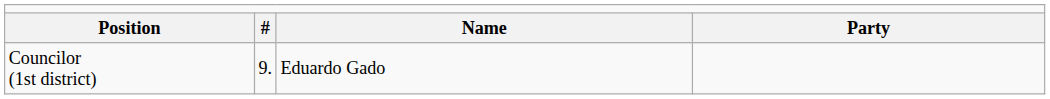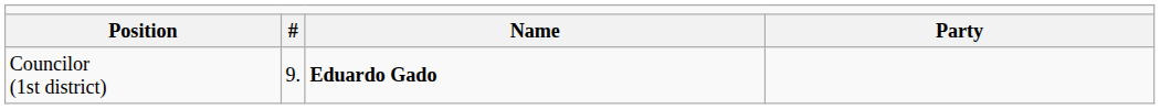 <table class=wikitable style="font-size:95%" width=99%>
 <tr>
 <td colspan="5"></td>
 </tr>
 <tr>
 <th width=24%>Position</th>
 <th width=1%>#</th>
 <th width=40%>Name</th>
 <th colspan=2>Party</th>
 </tr>
 <tr>
 <td>Councilor<br>(1st district)</td>
 <td>9.</td>
-<td>Eduardo Gado</td>
+<td><strong>Eduardo Gado</strong></td>
 <td></td>
 </tr>
 </table>
